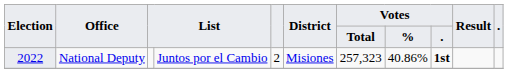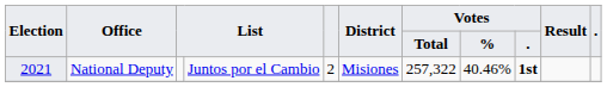 <table class="wikitable" style="font-size:90%; text-align:center;">
 <tr>
 <th style="background-color:#EAECF0;" rowspan=2>Election</th>
 <th style="background-color:#EAECF0;" rowspan=2>Office</th>
 <th style="background-color:#EAECF0;" colspan=2 rowspan=2>List</th>
 <th style="background-color:#EAECF0;" rowspan=2></th>
 <th style="background-color:#EAECF0;" rowspan=2>District</th>
 <th style="background-color:#EAECF0;" colspan=3>Votes</th>
 <th style="background-color:#EAECF0;" rowspan=2>Result</th>
 <th style="background-color:#EAECF0;" rowspan=2>.</th>
 </tr>
 <tr>
 <th style="background-color:#EAECF0;">Total</th>
 <th style="background-color:#EAECF0;">%</th>
 <th style="background-color:#EAECF0;">.</th>
 </tr>
 <tr>
-<td style="background-color:#EAECF0;"><a href='#'>2022</a></td>
+<td style="background-color:#EAECF0;"><a href='#'>2021</a></td>
 <td><a href='#'>National Deputy</a></td>
 <td style="background-color:"></td>
 <td><a href='#'>Juntos por el Cambio</a></td>
 <td>2</td>
 <td><a href='#'>Misiones</a></td>
-<td>257,323</td>
-<td>40.86%</td>
+<td>257,322</td>
+<td>40.46%</td>
 <td><strong>1st</strong></td>
 <td></td>
 <td></td>
 </tr>
 <tr>
 </tr>
 </table>
